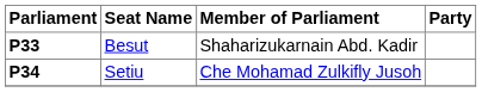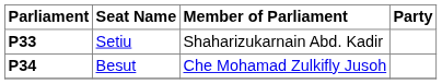 <table class="toccolours sortable" border="1" cellpadding="3" style="border-collapse:collapse; text-align: left;">
 <tr>
 <th align="center">Parliament</th>
 <th>Seat Name</th>
 <th>Member of Parliament</th>
 <th>Party</th>
 </tr>
 <tr>
 <th align="left">P33</th>
-<td><a href='#'>Besut</a></td>
+<td><a href='#'>Setiu</a></td>
 <td>Shaharizukarnain Abd. Kadir</td>
 <td></td>
 </tr>
 <tr>
 <th align="left">P34</th>
-<td><a href='#'>Setiu</a></td>
+<td><a href='#'>Besut</a></td>
 <td><a href='#'>Che Mohamad Zulkifly Jusoh</a></td>
 <td></td>
 </tr>
 <tr>
 </tr>
 </table>
